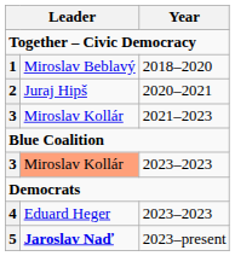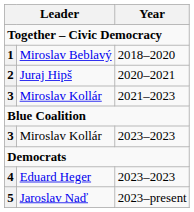 <table class="wikitable">
 <tr>
 <th colspan="2">Leader</th>
 <th>Year</th>
 </tr>
 <tr>
 <td colspan="3"><strong>Together – Civic Democracy</strong></td>
 </tr>
 <tr>
 <th style="background:">1</th>
 <td><a href='#'>Miroslav Beblavý</a></td>
 <td>2018–2020</td>
 </tr>
 <tr>
 <th style="background:">2</th>
 <td><a href='#'>Juraj Hipš</a></td>
 <td>2020–2021</td>
 </tr>
 <tr>
 <th style="background:">3</th>
 <td><a href='#'>Miroslav Kollár</a></td>
 <td>2021–2023</td>
 </tr>
 <tr>
 <td colspan="3"><strong>Blue Coalition</strong></td>
 </tr>
 <tr>
 <th style="background:">3</th>
-<td style="background: lightsalmon;">Miroslav Kollár</td>
+<td>Miroslav Kollár</td>
 <td>2023–2023</td>
 </tr>
 <tr>
 <td colspan="3"><strong>Democrats</strong></td>
 </tr>
 <tr>
 <th style="background:">4</th>
 <td><a href='#'>Eduard Heger</a></td>
 <td>2023–2023</td>
 </tr>
 <tr>
 <th style="background:">5</th>
-<td><strong><a href='#'>Jaroslav Naď</a></strong></td>
+<td><a href='#'>Jaroslav Naď</a></td>
 <td>2023–present</td>
 </tr>
 </table>
